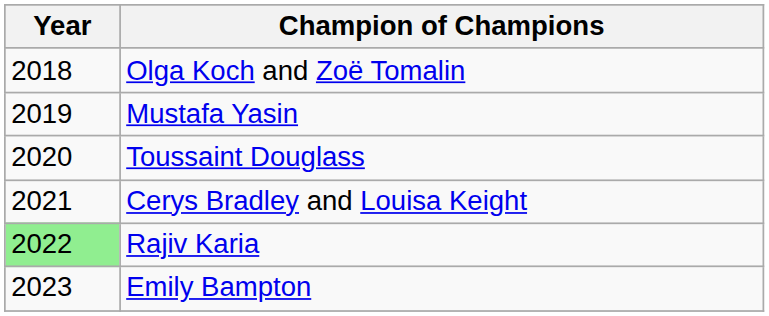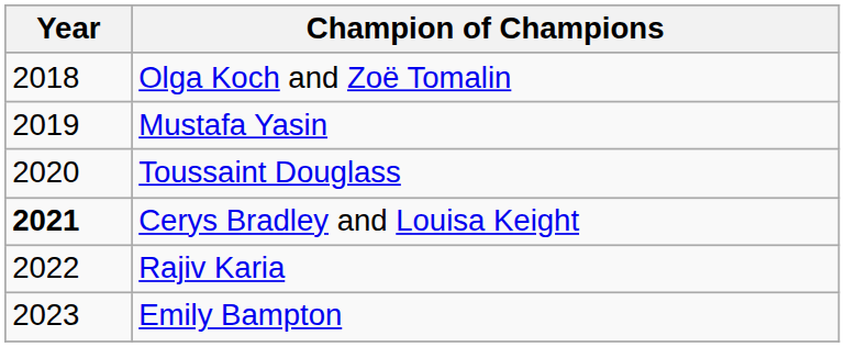 <table class="wikitable" style="width: 50%;">
 <tr>
 <th>Year</th>
 <th>Champion of Champions</th>
 </tr>
 <tr>
 <td>2018</td>
 <td><a href='#'>Olga Koch</a> and <a href='#'>Zoë Tomalin</a></td>
 </tr>
 <tr>
 <td>2019</td>
 <td><a href='#'>Mustafa Yasin</a></td>
 </tr>
 <tr>
 <td>2020</td>
 <td><a href='#'>Toussaint Douglass</a></td>
 </tr>
 <tr>
-<td>2021</td>
+<td><strong>2021</strong></td>
 <td><a href='#'>Cerys Bradley</a> and <a href='#'>Louisa Keight</a></td>
 </tr>
 <tr>
-<td style="background: lightgreen;">2022</td>
+<td>2022</td>
 <td><a href='#'>Rajiv Karia</a></td>
 </tr>
 <tr>
 <td>2023</td>
 <td><a href='#'>Emily Bampton</a></td>
 </tr>
 </table>
